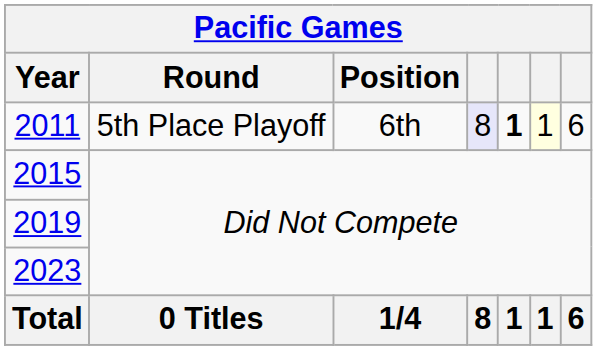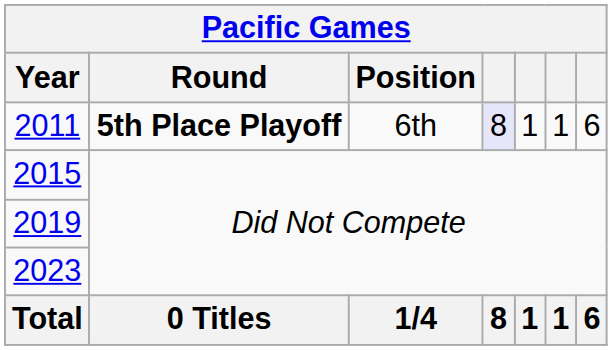 <table class="wikitable" style="text-align: center;">
 <tr>
 <th colspan=7><a href='#'>Pacific Games</a></th>
 </tr>
 <tr>
 <th>Year</th>
 <th>Round</th>
 <th>Position</th>
 <th></th>
 <th></th>
 <th></th>
 <th></th>
 </tr>
 <tr>
 <td> <a href='#'>2011</a></td>
-<td>5th Place Playoff</td>
+<td><strong>5th Place Playoff</strong></td>
 <td>6th</td>
 <td style="background: lavender;">8</td>
-<td><strong>1</strong></td>
-<td style="background: lightyellow;">1</td>
+<td>1</td>
+<td>1</td>
 <td>6</td>
 </tr>
 <tr>
 <td> <a href='#'>2015</a></td>
 <td colspan="6" rowspan="3"><em>Did Not Compete</em></td>
 </tr>
 <tr>
 <td> <a href='#'>2019</a></td>
 </tr>
 <tr>
 <td> <a href='#'>2023</a></td>
 </tr>
 <tr>
 <th>Total</th>
 <th>0 Titles</th>
 <th>1/4</th>
 <th>8</th>
 <th>1</th>
 <th>1</th>
 <th>6</th>
 </tr>
 </table>
